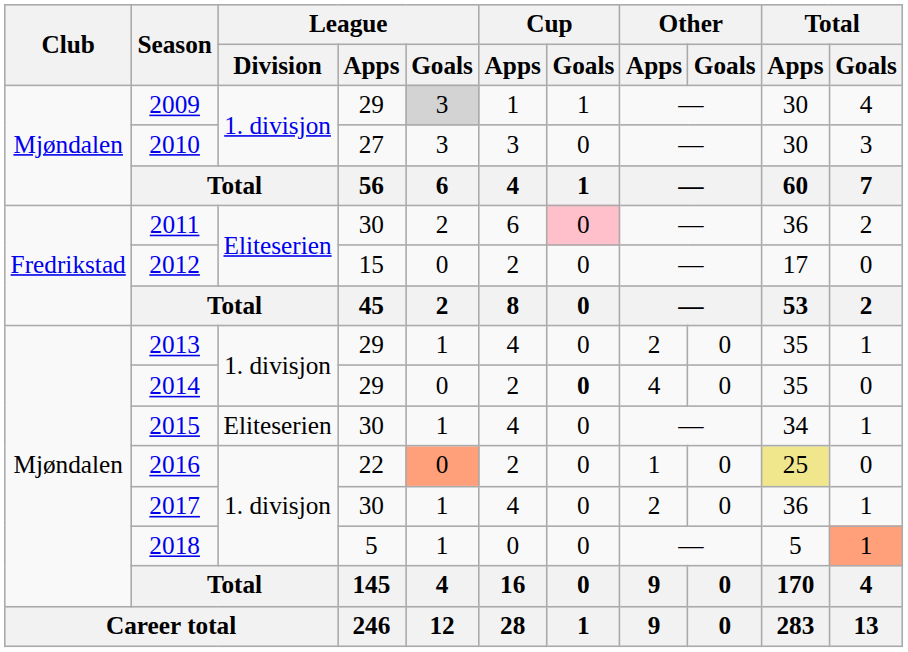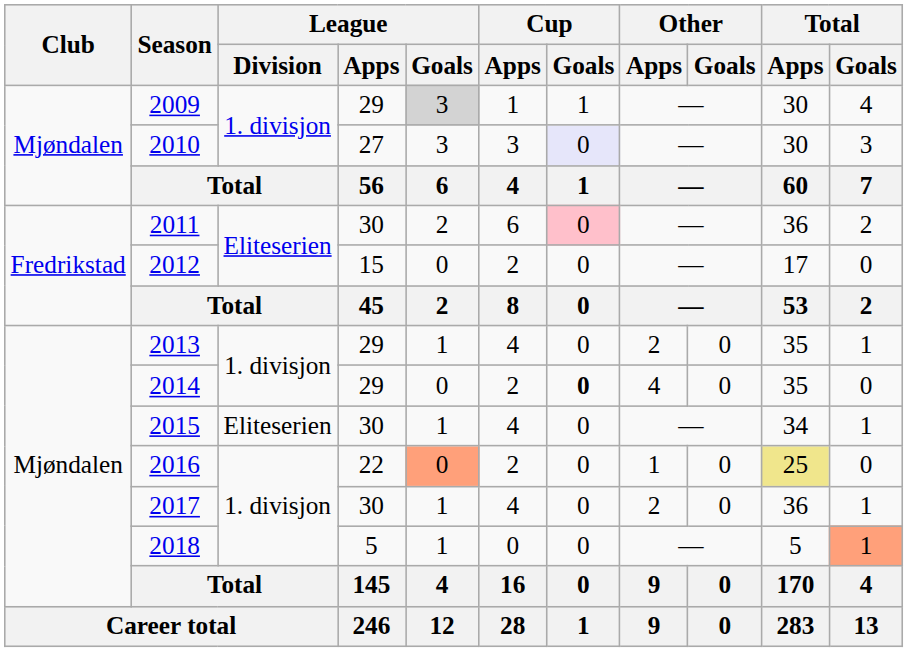 <table class="wikitable" style="text-align: center;">
 <tr>
 <th rowspan="2">Club</th>
 <th rowspan="2">Season</th>
 <th colspan="3">League</th>
 <th colspan="2">Cup</th>
 <th colspan="2">Other</th>
 <th colspan="2">Total</th>
 </tr>
 <tr>
 <th>Division</th>
 <th>Apps</th>
 <th>Goals</th>
 <th>Apps</th>
 <th>Goals</th>
 <th>Apps</th>
 <th>Goals</th>
 <th>Apps</th>
 <th>Goals</th>
 </tr>
 <tr>
 <td rowspan="3"><a href='#'>Mjøndalen</a></td>
 <td><a href='#'>2009</a></td>
 <td rowspan="2"><a href='#'>1. divisjon</a></td>
 <td>29</td>
 <td style="background: lightgrey;">3</td>
 <td>1</td>
 <td>1</td>
 <td colspan="2">—</td>
 <td>30</td>
 <td>4</td>
 </tr>
 <tr>
 <td><a href='#'>2010</a></td>
 <td>27</td>
 <td>3</td>
 <td>3</td>
-<td>0</td>
+<td style="background: lavender;">0</td>
 <td colspan="2">—</td>
 <td>30</td>
 <td>3</td>
 </tr>
 <tr>
 <th colspan="2">Total</th>
 <th>56</th>
 <th>6</th>
 <th>4</th>
 <th>1</th>
 <th colspan="2">—</th>
 <th>60</th>
 <th>7</th>
 </tr>
 <tr>
 <td rowspan="3"><a href='#'>Fredrikstad</a></td>
 <td><a href='#'>2011</a></td>
 <td rowspan="2"><a href='#'>Eliteserien</a></td>
 <td>30</td>
 <td>2</td>
 <td>6</td>
 <td style="background: pink;">0</td>
 <td colspan="2">—</td>
 <td>36</td>
 <td>2</td>
 </tr>
 <tr>
 <td><a href='#'>2012</a></td>
 <td>15</td>
 <td>0</td>
 <td>2</td>
 <td>0</td>
 <td colspan="2">—</td>
 <td>17</td>
 <td>0</td>
 </tr>
 <tr>
 <th colspan="2">Total</th>
 <th>45</th>
 <th>2</th>
 <th>8</th>
 <th>0</th>
 <th colspan="2">—</th>
 <th>53</th>
 <th>2</th>
 </tr>
 <tr>
 <td rowspan="7">Mjøndalen</td>
 <td><a href='#'>2013</a></td>
 <td rowspan="2">1. divisjon</td>
 <td>29</td>
 <td>1</td>
 <td>4</td>
 <td>0</td>
 <td>2</td>
 <td>0</td>
 <td>35</td>
 <td>1</td>
 </tr>
 <tr>
 <td><a href='#'>2014</a></td>
 <td>29</td>
 <td>0</td>
 <td>2</td>
 <td><strong>0</strong></td>
 <td>4</td>
 <td>0</td>
 <td>35</td>
 <td>0</td>
 </tr>
 <tr>
 <td><a href='#'>2015</a></td>
 <td>Eliteserien</td>
 <td>30</td>
 <td>1</td>
 <td>4</td>
 <td>0</td>
 <td colspan="2">—</td>
 <td>34</td>
 <td>1</td>
 </tr>
 <tr>
 <td><a href='#'>2016</a></td>
 <td rowspan="3">1. divisjon</td>
 <td>22</td>
 <td style="background: lightsalmon;">0</td>
 <td>2</td>
 <td>0</td>
 <td>1</td>
 <td>0</td>
 <td style="background: khaki;">25</td>
 <td>0</td>
 </tr>
 <tr>
 <td><a href='#'>2017</a></td>
 <td>30</td>
 <td>1</td>
 <td>4</td>
 <td>0</td>
 <td>2</td>
 <td>0</td>
 <td>36</td>
 <td>1</td>
 </tr>
 <tr>
 <td><a href='#'>2018</a></td>
 <td>5</td>
 <td>1</td>
 <td>0</td>
 <td>0</td>
 <td colspan="2">—</td>
 <td>5</td>
 <td style="background: lightsalmon;">1</td>
 </tr>
 <tr>
 <th colspan="2">Total</th>
 <th>145</th>
 <th>4</th>
 <th>16</th>
 <th>0</th>
 <th>9</th>
 <th>0</th>
 <th>170</th>
 <th>4</th>
 </tr>
 <tr>
 <th colspan="3">Career total</th>
 <th>246</th>
 <th>12</th>
 <th>28</th>
 <th>1</th>
 <th>9</th>
 <th>0</th>
 <th>283</th>
 <th>13</th>
 </tr>
 </table>
